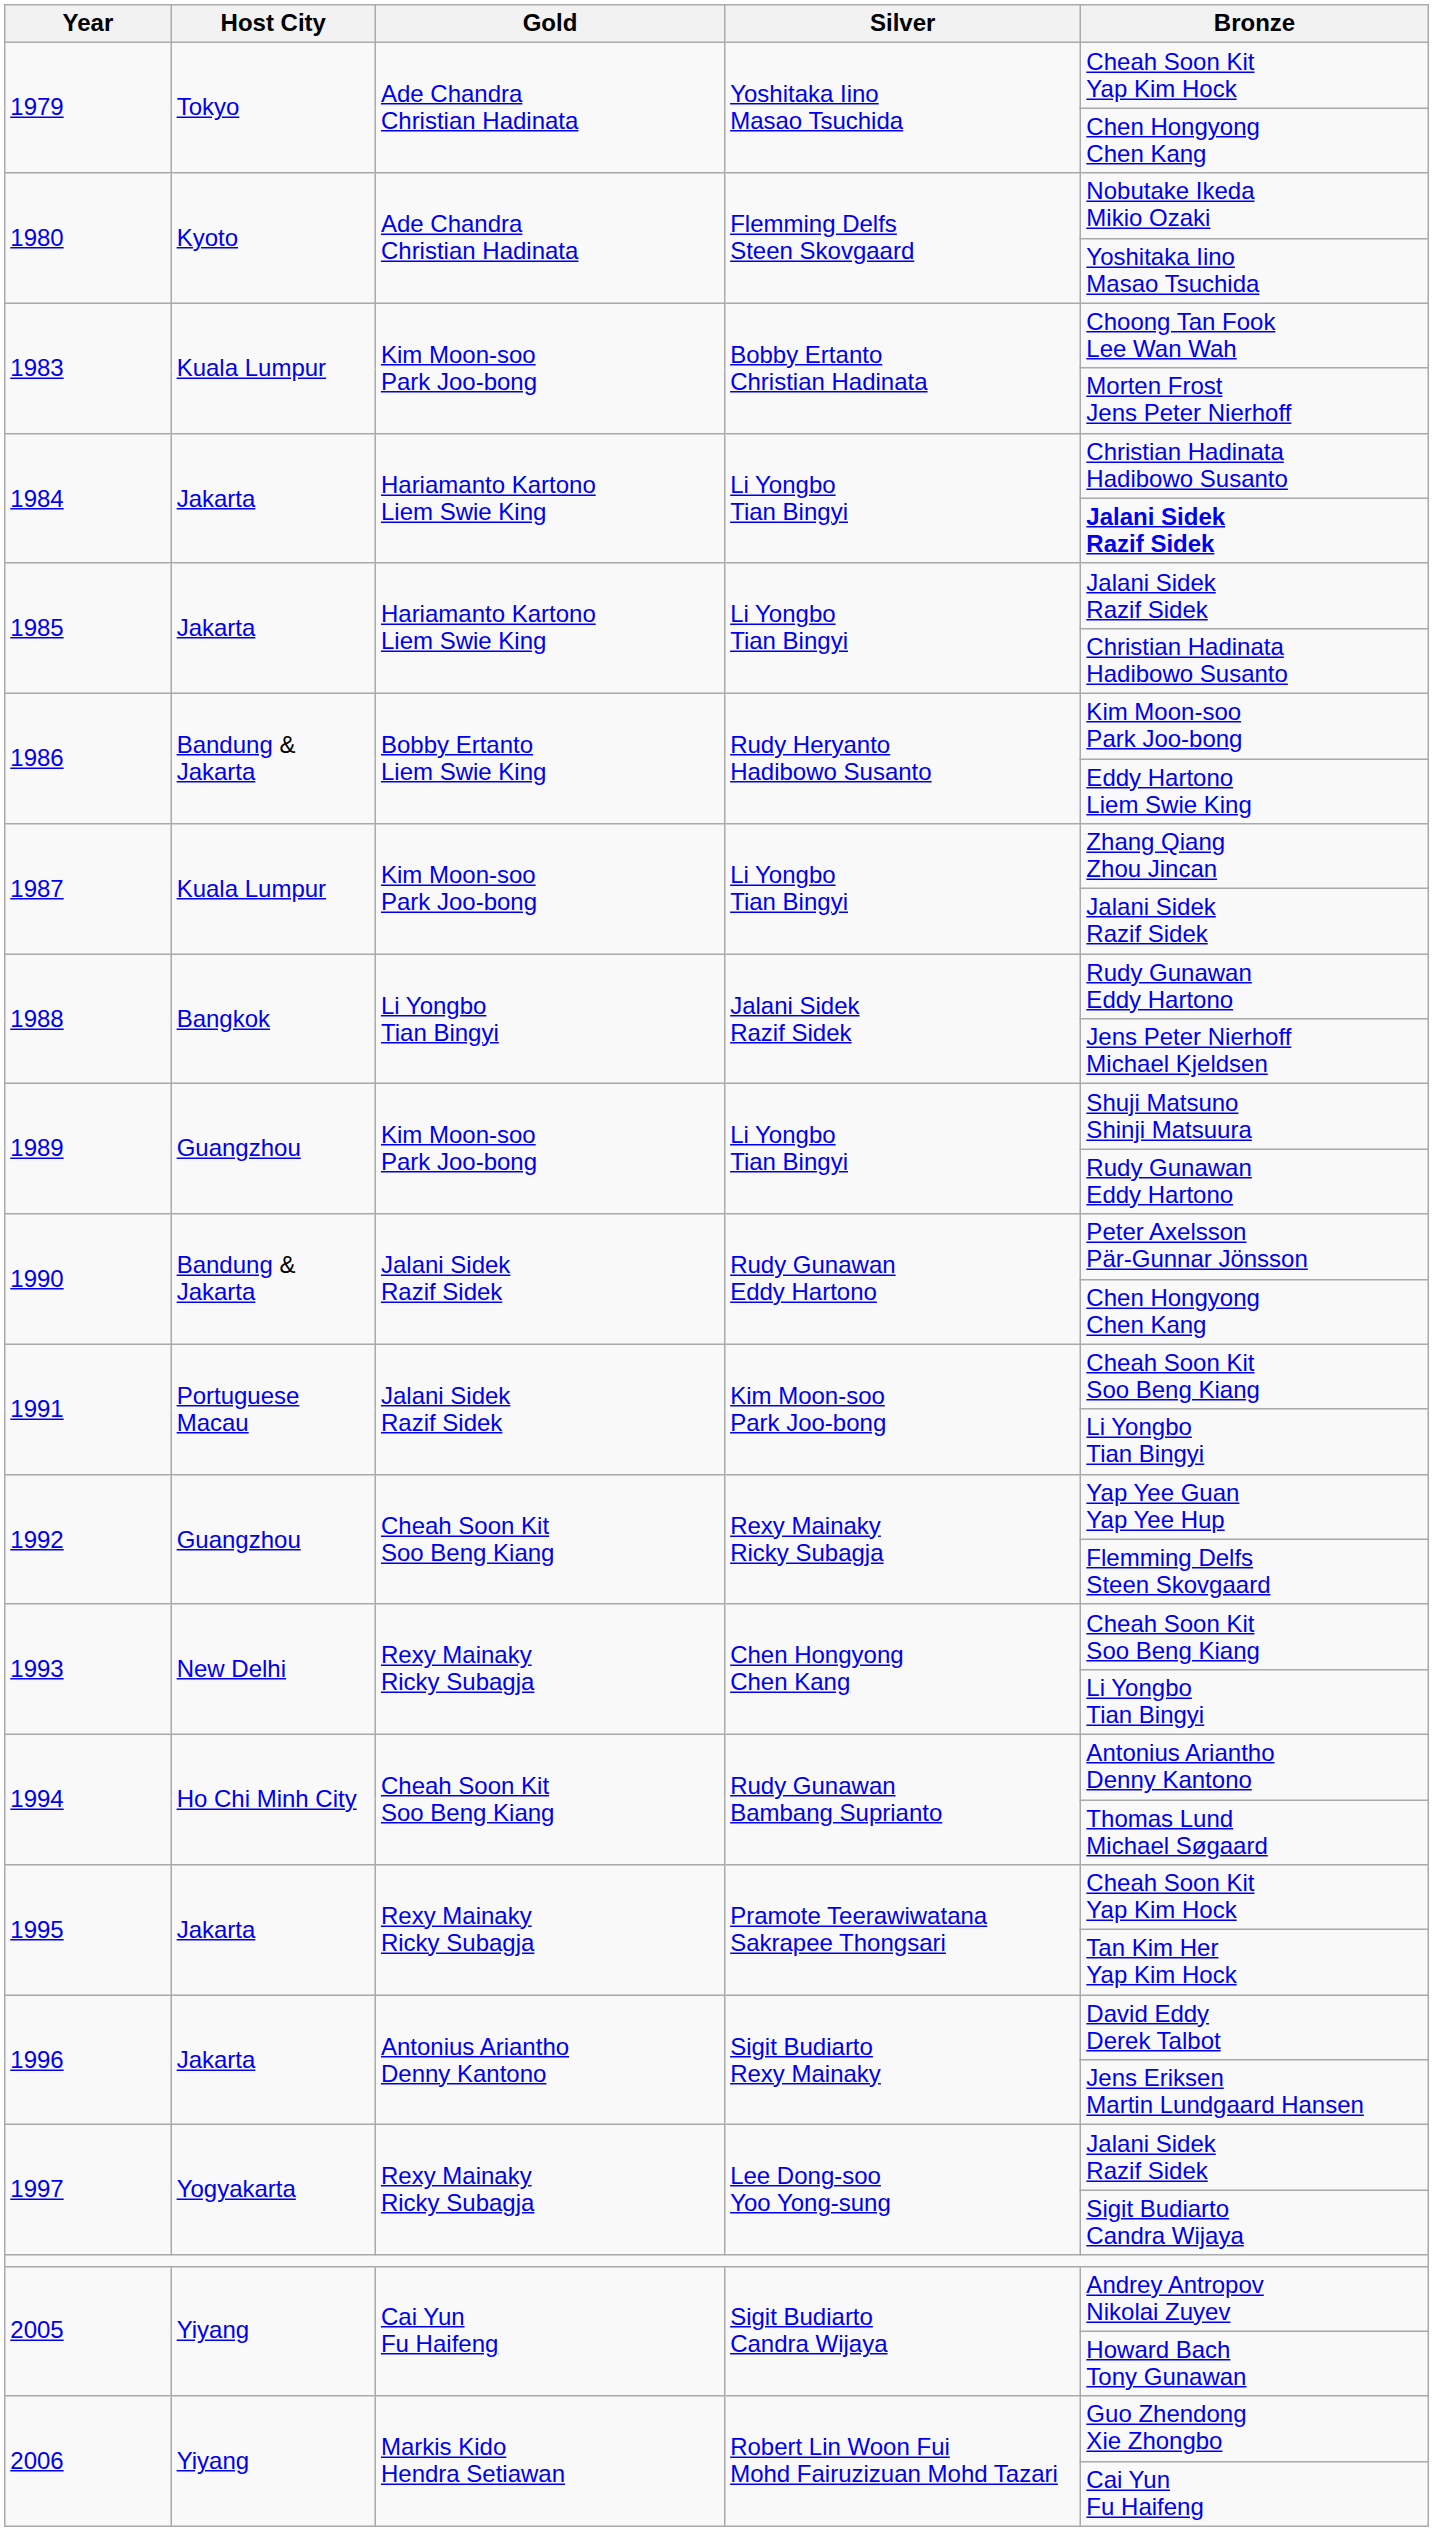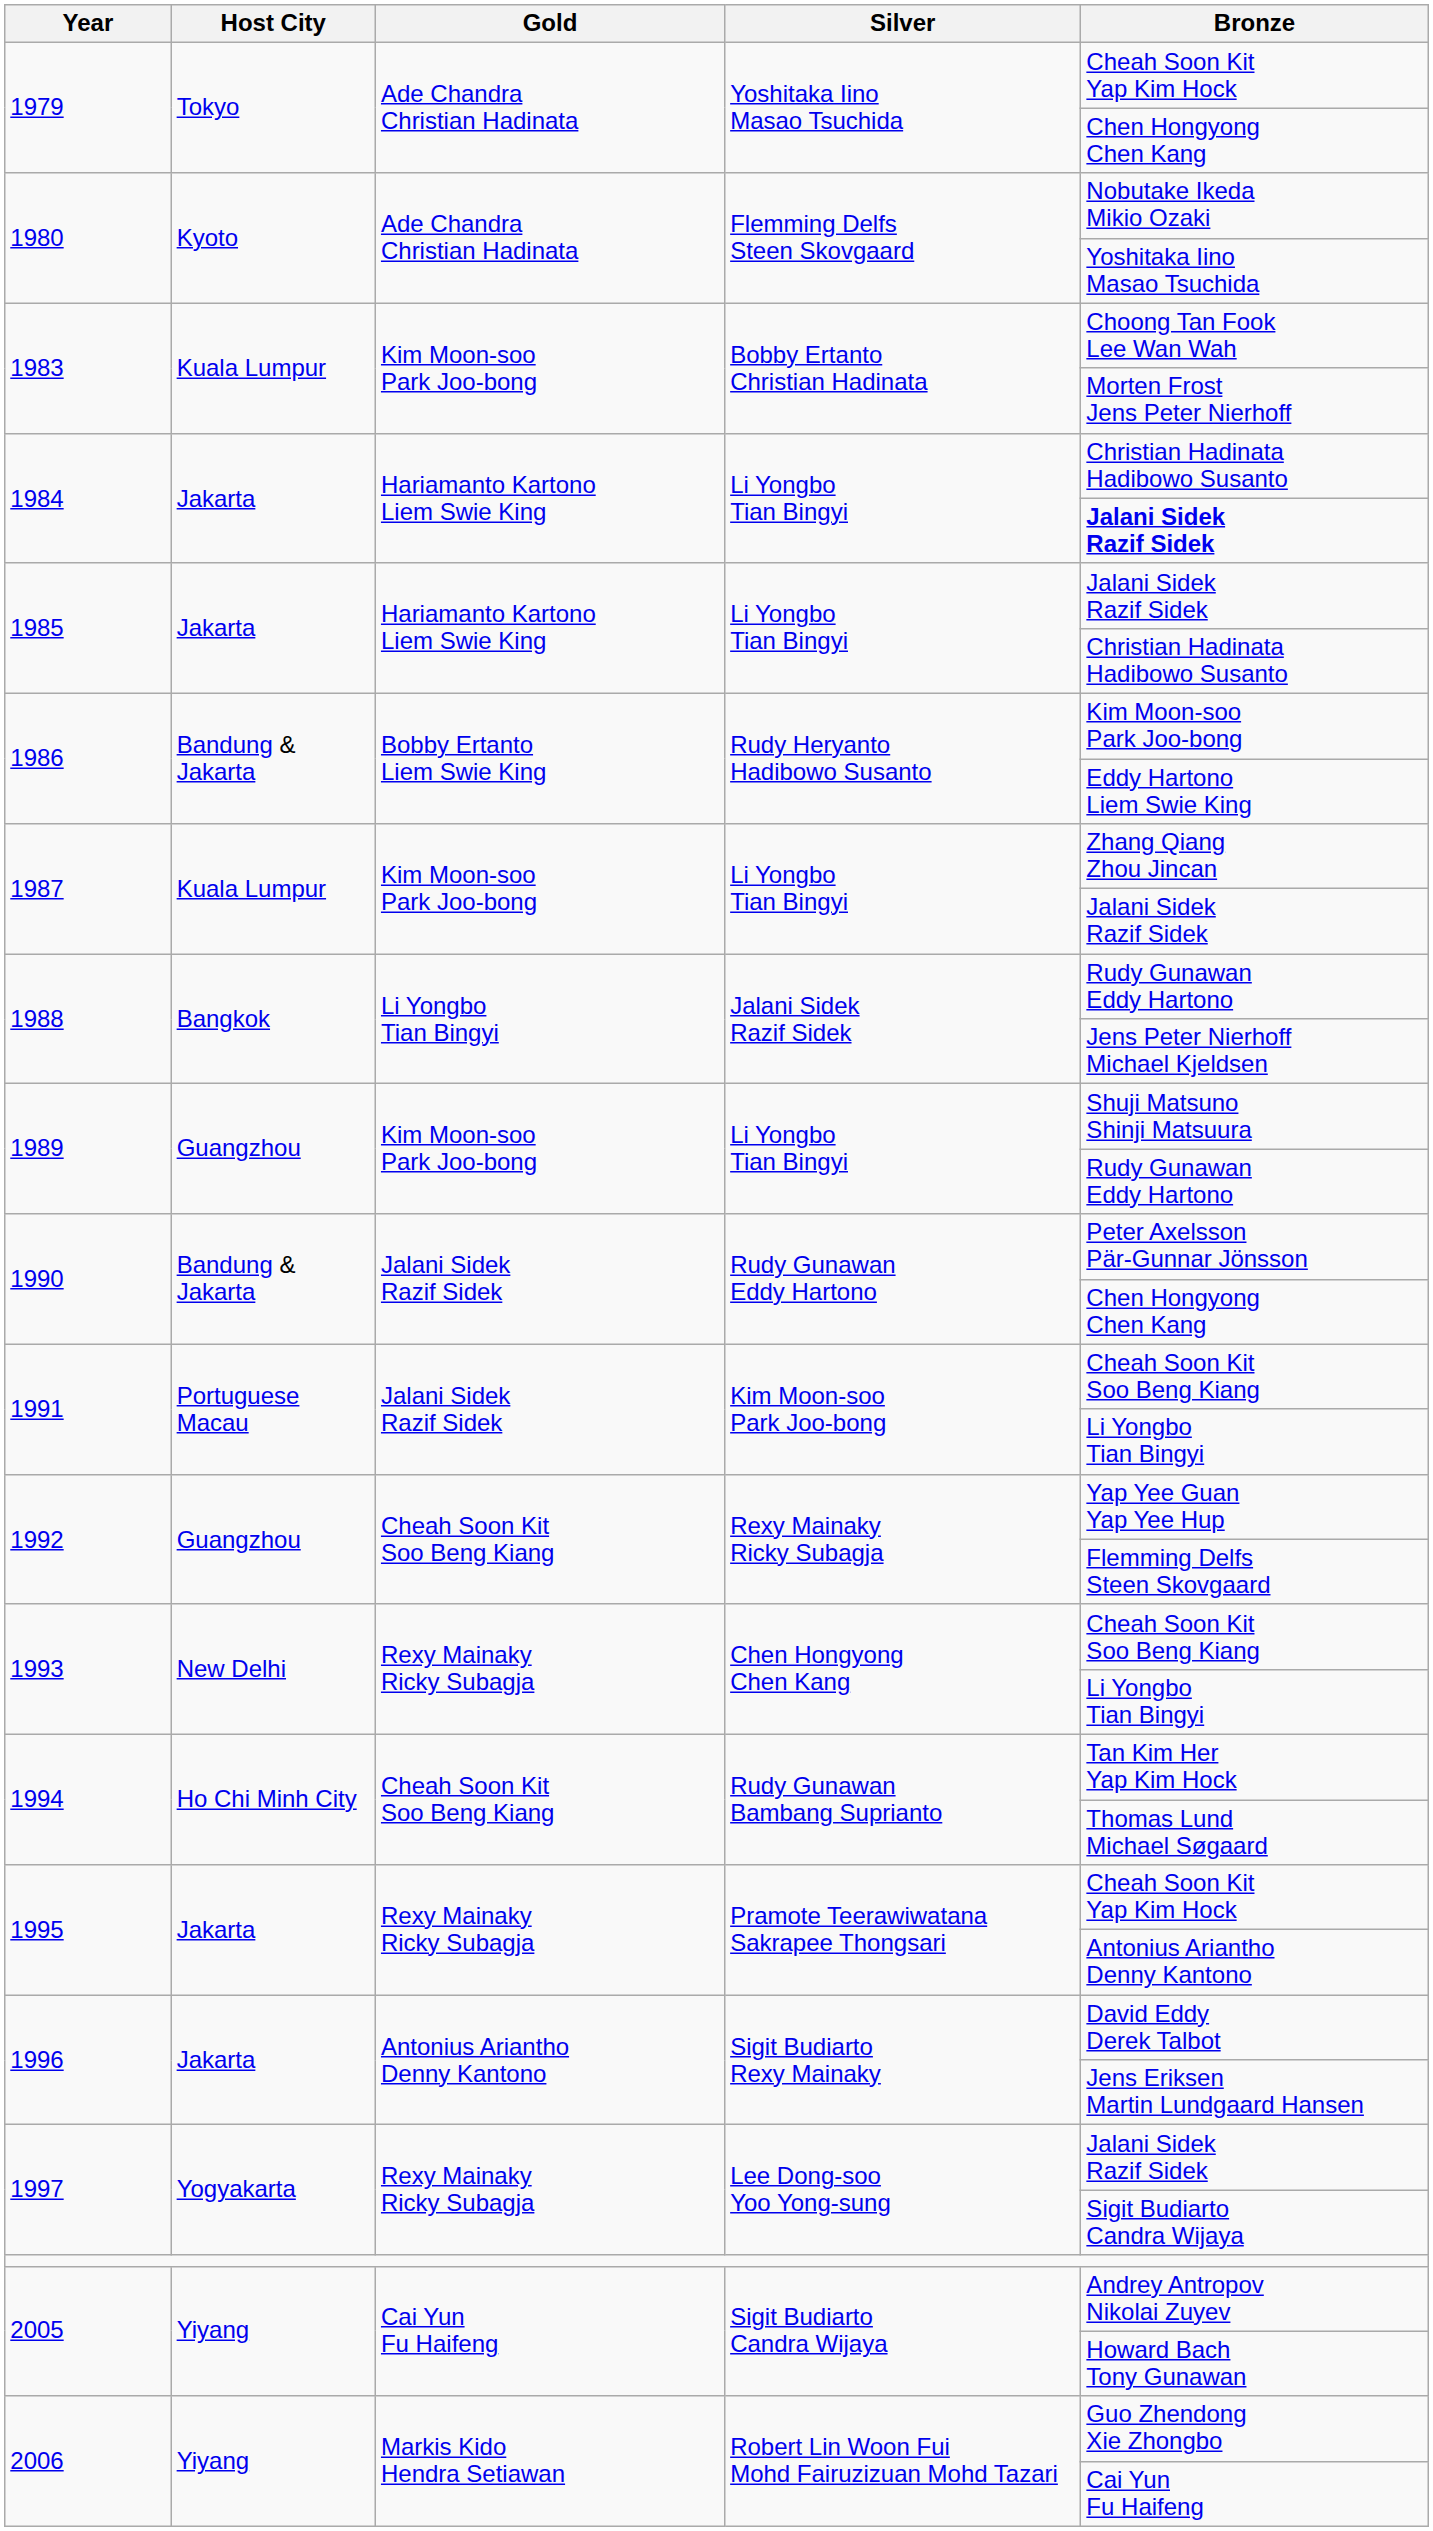 <table class="wikitable" style="text-align: left; width: 950px;">
 <tr>
 <th width="120">Year</th>
 <th width="140">Host City</th>
 <th width="260">Gold</th>
 <th width="260">Silver</th>
 <th width="260">Bronze</th>
 </tr>
 <tr>
 <td rowspan=2><a href='#'>1979</a></td>
 <td rowspan=2><a href='#'>Tokyo</a></td>
 <td rowspan=2> <a href='#'>Ade Chandra</a><br> <a href='#'>Christian Hadinata</a></td>
 <td rowspan=2> <a href='#'>Yoshitaka Iino</a><br> <a href='#'>Masao Tsuchida</a></td>
 <td> <a href='#'>Cheah Soon Kit</a><br> <a href='#'>Yap Kim Hock</a></td>
 </tr>
 <tr>
 <td> <a href='#'>Chen Hongyong</a><br> <a href='#'>Chen Kang</a></td>
 </tr>
 <tr>
 <td rowspan=2><a href='#'>1980</a></td>
 <td rowspan=2><a href='#'>Kyoto</a></td>
 <td rowspan=2> <a href='#'>Ade Chandra</a><br> <a href='#'>Christian Hadinata</a></td>
 <td rowspan=2> <a href='#'>Flemming Delfs</a><br> <a href='#'>Steen Skovgaard</a></td>
 <td> <a href='#'>Nobutake Ikeda</a><br> <a href='#'>Mikio Ozaki</a></td>
 </tr>
 <tr>
 <td> <a href='#'>Yoshitaka Iino</a><br> <a href='#'>Masao Tsuchida</a></td>
 </tr>
 <tr>
 <td rowspan=2><a href='#'>1983</a></td>
 <td rowspan=2><a href='#'>Kuala Lumpur</a></td>
 <td rowspan=2> <a href='#'>Kim Moon-soo</a><br> <a href='#'>Park Joo-bong</a></td>
 <td rowspan=2> <a href='#'>Bobby Ertanto</a><br> <a href='#'>Christian Hadinata</a></td>
 <td> <a href='#'>Choong Tan Fook</a><br> <a href='#'>Lee Wan Wah</a></td>
 </tr>
 <tr>
 <td> <a href='#'>Morten Frost</a><br> <a href='#'>Jens Peter Nierhoff</a></td>
 </tr>
 <tr>
 <td rowspan=2><a href='#'>1984</a></td>
 <td rowspan=2><a href='#'>Jakarta</a></td>
 <td rowspan=2> <a href='#'>Hariamanto Kartono</a><br> <a href='#'>Liem Swie King</a></td>
 <td rowspan=2> <a href='#'>Li Yongbo</a><br> <a href='#'>Tian Bingyi</a></td>
 <td> <a href='#'>Christian Hadinata</a><br> <a href='#'>Hadibowo Susanto</a></td>
 </tr>
 <tr>
 <td><strong> <a href='#'>Jalani Sidek</a><br> <a href='#'>Razif Sidek</a></strong></td>
 </tr>
 <tr>
 <td rowspan=2><a href='#'>1985</a></td>
 <td rowspan=2><a href='#'>Jakarta</a></td>
 <td rowspan=2> <a href='#'>Hariamanto Kartono</a><br> <a href='#'>Liem Swie King</a></td>
 <td rowspan=2> <a href='#'>Li Yongbo</a><br> <a href='#'>Tian Bingyi</a></td>
 <td> <a href='#'>Jalani Sidek</a><br> <a href='#'>Razif Sidek</a></td>
 </tr>
 <tr>
 <td> <a href='#'>Christian Hadinata</a><br> <a href='#'>Hadibowo Susanto</a></td>
 </tr>
 <tr>
 <td rowspan=2><a href='#'>1986</a></td>
 <td rowspan=2><a href='#'>Bandung</a> & <br> <a href='#'>Jakarta</a></td>
 <td rowspan=2> <a href='#'>Bobby Ertanto</a><br> <a href='#'>Liem Swie King</a></td>
 <td rowspan=2> <a href='#'>Rudy Heryanto</a><br> <a href='#'>Hadibowo Susanto</a></td>
 <td> <a href='#'>Kim Moon-soo</a><br> <a href='#'>Park Joo-bong</a></td>
 </tr>
 <tr>
 <td> <a href='#'>Eddy Hartono</a><br> <a href='#'>Liem Swie King</a></td>
 </tr>
 <tr>
 <td rowspan=2><a href='#'>1987</a></td>
 <td rowspan=2><a href='#'>Kuala Lumpur</a></td>
 <td rowspan=2> <a href='#'>Kim Moon-soo</a><br> <a href='#'>Park Joo-bong</a></td>
 <td rowspan=2> <a href='#'>Li Yongbo</a><br> <a href='#'>Tian Bingyi</a></td>
 <td> <a href='#'>Zhang Qiang</a><br> <a href='#'>Zhou Jincan</a></td>
 </tr>
 <tr>
 <td> <a href='#'>Jalani Sidek</a><br> <a href='#'>Razif Sidek</a></td>
 </tr>
 <tr>
 <td rowspan=2><a href='#'>1988</a></td>
 <td rowspan=2><a href='#'>Bangkok</a></td>
 <td rowspan=2> <a href='#'>Li Yongbo</a><br> <a href='#'>Tian Bingyi</a></td>
 <td rowspan=2> <a href='#'>Jalani Sidek</a><br> <a href='#'>Razif Sidek</a></td>
 <td> <a href='#'>Rudy Gunawan</a><br> <a href='#'>Eddy Hartono</a></td>
 </tr>
 <tr>
 <td> <a href='#'>Jens Peter Nierhoff</a><br> <a href='#'>Michael Kjeldsen</a></td>
 </tr>
 <tr>
 <td rowspan=2><a href='#'>1989</a></td>
 <td rowspan=2><a href='#'>Guangzhou</a></td>
 <td rowspan=2> <a href='#'>Kim Moon-soo</a><br> <a href='#'>Park Joo-bong</a></td>
 <td rowspan=2> <a href='#'>Li Yongbo</a><br> <a href='#'>Tian Bingyi</a></td>
 <td> <a href='#'>Shuji Matsuno</a><br> <a href='#'>Shinji Matsuura</a></td>
 </tr>
 <tr>
 <td> <a href='#'>Rudy Gunawan</a><br> <a href='#'>Eddy Hartono</a></td>
 </tr>
 <tr>
 <td rowspan=2><a href='#'>1990</a></td>
 <td rowspan=2><a href='#'>Bandung</a> & <br> <a href='#'>Jakarta</a></td>
 <td rowspan=2> <a href='#'>Jalani Sidek</a><br> <a href='#'>Razif Sidek</a></td>
 <td rowspan=2> <a href='#'>Rudy Gunawan</a><br> <a href='#'>Eddy Hartono</a></td>
 <td> <a href='#'>Peter Axelsson</a><br> <a href='#'>Pär-Gunnar Jönsson</a></td>
 </tr>
 <tr>
 <td> <a href='#'>Chen Hongyong</a><br> <a href='#'>Chen Kang</a></td>
 </tr>
 <tr>
 <td rowspan=2><a href='#'>1991</a></td>
 <td rowspan=2><a href='#'>Portuguese Macau</a></td>
 <td rowspan=2> <a href='#'>Jalani Sidek</a><br> <a href='#'>Razif Sidek</a></td>
 <td rowspan=2> <a href='#'>Kim Moon-soo</a><br> <a href='#'>Park Joo-bong</a></td>
 <td> <a href='#'>Cheah Soon Kit</a><br> <a href='#'>Soo Beng Kiang</a></td>
 </tr>
 <tr>
 <td> <a href='#'>Li Yongbo</a><br> <a href='#'>Tian Bingyi</a></td>
 </tr>
 <tr>
 <td rowspan=2><a href='#'>1992</a></td>
 <td rowspan=2><a href='#'>Guangzhou</a></td>
 <td rowspan=2> <a href='#'>Cheah Soon Kit</a><br> <a href='#'>Soo Beng Kiang</a></td>
 <td rowspan=2> <a href='#'>Rexy Mainaky</a><br> <a href='#'>Ricky Subagja</a></td>
 <td> <a href='#'>Yap Yee Guan</a><br> <a href='#'>Yap Yee Hup</a></td>
 </tr>
 <tr>
 <td> <a href='#'>Flemming Delfs</a><br> <a href='#'>Steen Skovgaard</a></td>
 </tr>
 <tr>
 <td rowspan=2><a href='#'>1993</a></td>
 <td rowspan=2><a href='#'>New Delhi</a></td>
 <td rowspan=2> <a href='#'>Rexy Mainaky</a><br> <a href='#'>Ricky Subagja</a></td>
 <td rowspan=2> <a href='#'>Chen Hongyong</a><br> <a href='#'>Chen Kang</a></td>
 <td> <a href='#'>Cheah Soon Kit</a><br> <a href='#'>Soo Beng Kiang</a></td>
 </tr>
 <tr>
 <td> <a href='#'>Li Yongbo</a><br> <a href='#'>Tian Bingyi</a></td>
 </tr>
 <tr>
 <td rowspan=2><a href='#'>1994</a></td>
 <td rowspan=2><a href='#'>Ho Chi Minh City</a></td>
 <td rowspan=2> <a href='#'>Cheah Soon Kit</a><br> <a href='#'>Soo Beng Kiang</a></td>
 <td rowspan=2> <a href='#'>Rudy Gunawan</a><br> <a href='#'>Bambang Suprianto</a></td>
-<td> <a href='#'>Antonius Ariantho</a><br> <a href='#'>Denny Kantono</a></td>
+<td> <a href='#'>Tan Kim Her</a><br> <a href='#'>Yap Kim Hock</a></td>
 </tr>
 <tr>
 <td> <a href='#'>Thomas Lund</a><br> <a href='#'>Michael Søgaard</a></td>
 </tr>
 <tr>
 <td rowspan=2><a href='#'>1995</a></td>
 <td rowspan=2><a href='#'>Jakarta</a></td>
 <td rowspan=2> <a href='#'>Rexy Mainaky</a><br> <a href='#'>Ricky Subagja</a></td>
 <td rowspan=2> <a href='#'>Pramote Teerawiwatana</a><br> <a href='#'>Sakrapee Thongsari</a></td>
 <td> <a href='#'>Cheah Soon Kit</a><br> <a href='#'>Yap Kim Hock</a></td>
 </tr>
 <tr>
-<td> <a href='#'>Tan Kim Her</a><br> <a href='#'>Yap Kim Hock</a></td>
+<td> <a href='#'>Antonius Ariantho</a><br> <a href='#'>Denny Kantono</a></td>
 </tr>
 <tr>
 <td rowspan=2><a href='#'>1996</a></td>
 <td rowspan=2><a href='#'>Jakarta</a></td>
 <td rowspan=2> <a href='#'>Antonius Ariantho</a><br> <a href='#'>Denny Kantono</a></td>
 <td rowspan=2> <a href='#'>Sigit Budiarto</a><br> <a href='#'>Rexy Mainaky</a></td>
 <td> <a href='#'>David Eddy</a><br> <a href='#'>Derek Talbot</a></td>
 </tr>
 <tr>
 <td> <a href='#'>Jens Eriksen</a><br> <a href='#'>Martin Lundgaard Hansen</a></td>
 </tr>
 <tr>
 <td rowspan=2><a href='#'>1997</a></td>
 <td rowspan=2><a href='#'>Yogyakarta</a></td>
 <td rowspan=2> <a href='#'>Rexy Mainaky</a><br> <a href='#'>Ricky Subagja</a></td>
 <td rowspan=2> <a href='#'>Lee Dong-soo</a><br> <a href='#'>Yoo Yong-sung</a></td>
 <td> <a href='#'>Jalani Sidek</a><br> <a href='#'>Razif Sidek</a></td>
 </tr>
 <tr>
 <td> <a href='#'>Sigit Budiarto</a><br> <a href='#'>Candra Wijaya</a></td>
 </tr>
 <tr>
 <td colspan=6></td>
 </tr>
 <tr>
 <td rowspan=2><a href='#'>2005</a></td>
 <td rowspan=2><a href='#'>Yiyang</a></td>
 <td rowspan=2> <a href='#'>Cai Yun</a><br> <a href='#'>Fu Haifeng</a></td>
 <td rowspan=2> <a href='#'>Sigit Budiarto</a><br> <a href='#'>Candra Wijaya</a></td>
 <td> <a href='#'>Andrey Antropov</a><br> <a href='#'>Nikolai Zuyev</a></td>
 </tr>
 <tr>
 <td> <a href='#'>Howard Bach</a><br> <a href='#'>Tony Gunawan</a></td>
 </tr>
 <tr>
 <td rowspan=2><a href='#'>2006</a></td>
 <td rowspan=2><a href='#'>Yiyang</a></td>
 <td rowspan=2> <a href='#'>Markis Kido</a><br> <a href='#'>Hendra Setiawan</a></td>
 <td rowspan=2> <a href='#'>Robert Lin Woon Fui</a><br> <a href='#'>Mohd Fairuzizuan Mohd Tazari</a></td>
 <td> <a href='#'>Guo Zhendong</a><br> <a href='#'>Xie Zhongbo</a></td>
 </tr>
 <tr>
 <td> <a href='#'>Cai Yun</a><br> <a href='#'>Fu Haifeng</a></td>
 </tr>
 </table>
